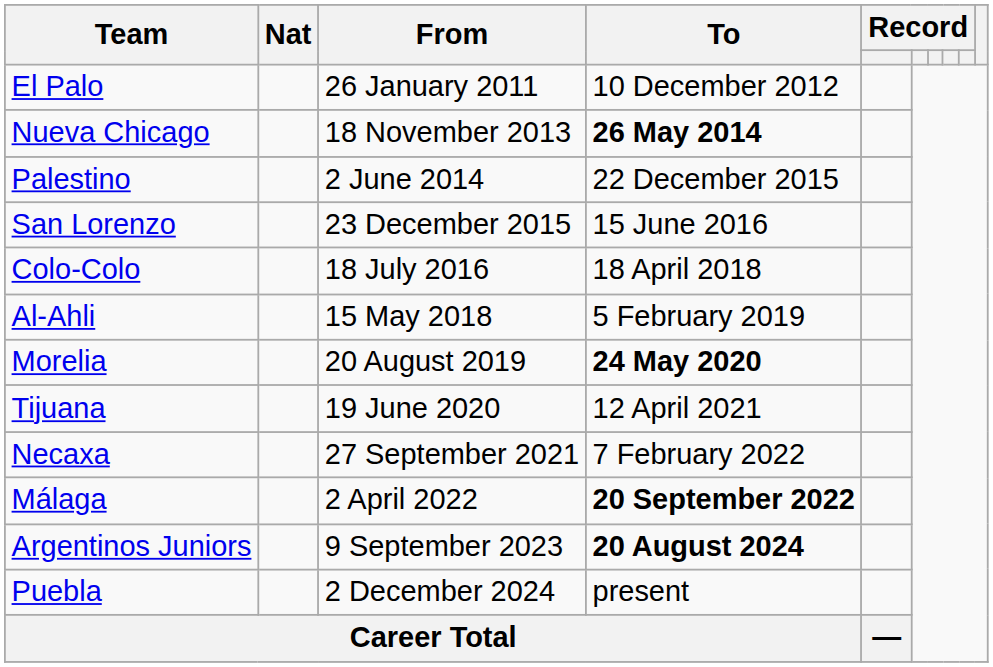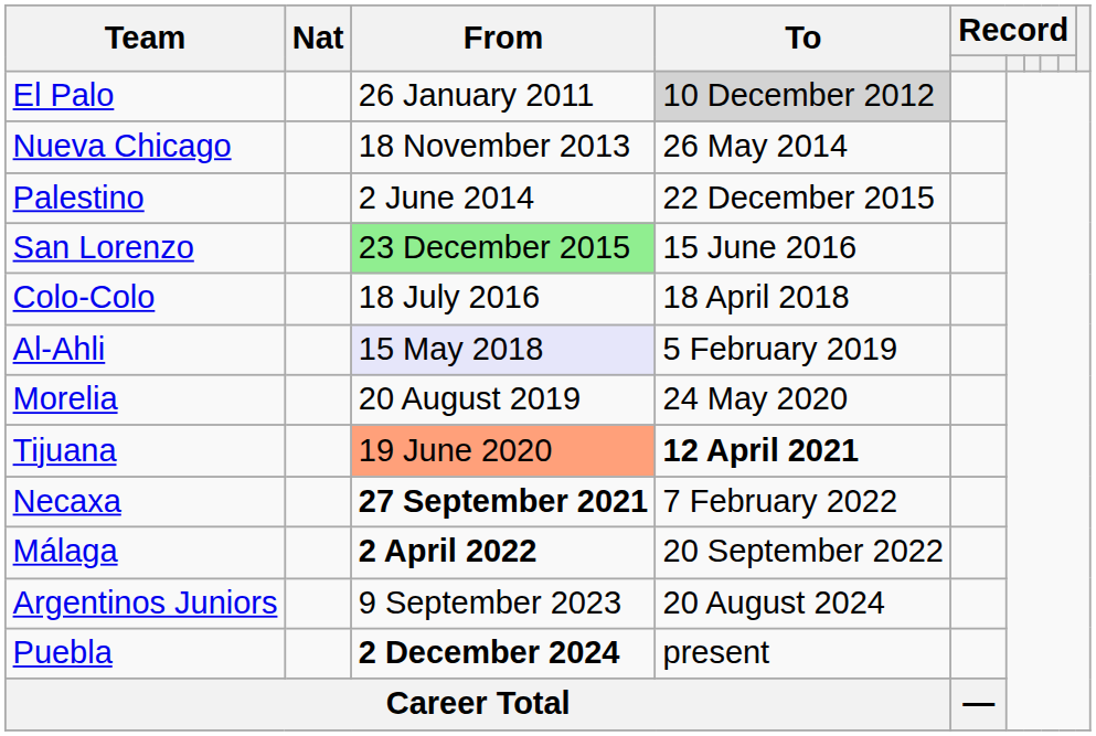 <table class="wikitable" style="text-align: center">
 <tr>
 <th rowspan="2">Team</th>
 <th rowspan="2">Nat</th>
 <th rowspan="2">From</th>
 <th rowspan="2">To</th>
 <th colspan="5">Record</th>
 <th rowspan=2></th>
 </tr>
 <tr>
 <th></th>
 <th></th>
 <th></th>
 <th></th>
 <th></th>
 </tr>
 <tr>
 <td align="left"><a href='#'>El Palo</a></td>
 <td></td>
 <td align=left>26 January 2011</td>
-<td align=left>10 December 2012<br></td>
+<td align=left style="background: lightgrey;">10 December 2012<br></td>
 <td></td>
 </tr>
 <tr>
 <td align="left"><a href='#'>Nueva Chicago</a></td>
 <td></td>
 <td align=left>18 November 2013</td>
-<td align=left><strong>26 May 2014<br></strong></td>
+<td align=left>26 May 2014<br></td>
 <td></td>
 </tr>
 <tr>
 <td align="left"><a href='#'>Palestino</a></td>
 <td></td>
 <td align=left>2 June 2014</td>
 <td align=left>22 December 2015<br></td>
 <td></td>
 </tr>
 <tr>
 <td align="left"><a href='#'>San Lorenzo</a></td>
 <td></td>
-<td align=left>23 December 2015</td>
+<td align=left style="background: lightgreen;">23 December 2015</td>
 <td align=left>15 June 2016<br></td>
 <td></td>
 </tr>
 <tr>
 <td align="left"><a href='#'>Colo-Colo</a></td>
 <td></td>
 <td align=left>18 July 2016</td>
 <td align=left>18 April 2018<br></td>
 <td></td>
 </tr>
 <tr>
 <td align="left"><a href='#'>Al-Ahli</a></td>
 <td></td>
-<td align=left>15 May 2018</td>
+<td align=left style="background: lavender;">15 May 2018</td>
 <td align=left>5 February 2019<br></td>
 <td></td>
 </tr>
 <tr>
 <td align="left"><a href='#'>Morelia</a></td>
 <td></td>
 <td align=left>20 August 2019</td>
-<td align=left><strong>24 May 2020<br></strong></td>
+<td align=left>24 May 2020<br></td>
 <td></td>
 </tr>
 <tr>
 <td align="left"><a href='#'>Tijuana</a></td>
 <td></td>
-<td align=left>19 June 2020</td>
-<td align=left>12 April 2021<br></td>
+<td align=left style="background: lightsalmon;">19 June 2020</td>
+<td align=left><strong>12 April 2021<br></strong></td>
 <td></td>
 </tr>
 <tr>
 <td align="left"><a href='#'>Necaxa</a></td>
 <td></td>
-<td align=left>27 September 2021</td>
+<td align=left><strong>27 September 2021</strong></td>
 <td align=left>7 February 2022<br></td>
 <td></td>
 </tr>
 <tr>
 <td align="left"><a href='#'>Málaga</a></td>
 <td></td>
-<td align=left>2 April 2022</td>
-<td align=left><strong>20 September 2022<br></strong></td>
+<td align=left><strong>2 April 2022</strong></td>
+<td align=left>20 September 2022<br></td>
 <td></td>
 </tr>
 <tr>
 <td align="left"><a href='#'>Argentinos Juniors</a></td>
 <td></td>
 <td align=left>9 September 2023</td>
-<td align=left><strong>20 August 2024<br></strong></td>
+<td align=left>20 August 2024<br></td>
 <td></td>
 </tr>
 <tr>
 <td align="left"><a href='#'>Puebla</a></td>
 <td></td>
-<td align=left>2 December 2024</td>
+<td align=left><strong>2 December 2024</strong></td>
 <td align=left>present<br></td>
 <td></td>
 </tr>
 <tr>
 <th colspan=4><strong>Career Total</strong><br></th>
 <th>—</th>
 </tr>
 </table>
